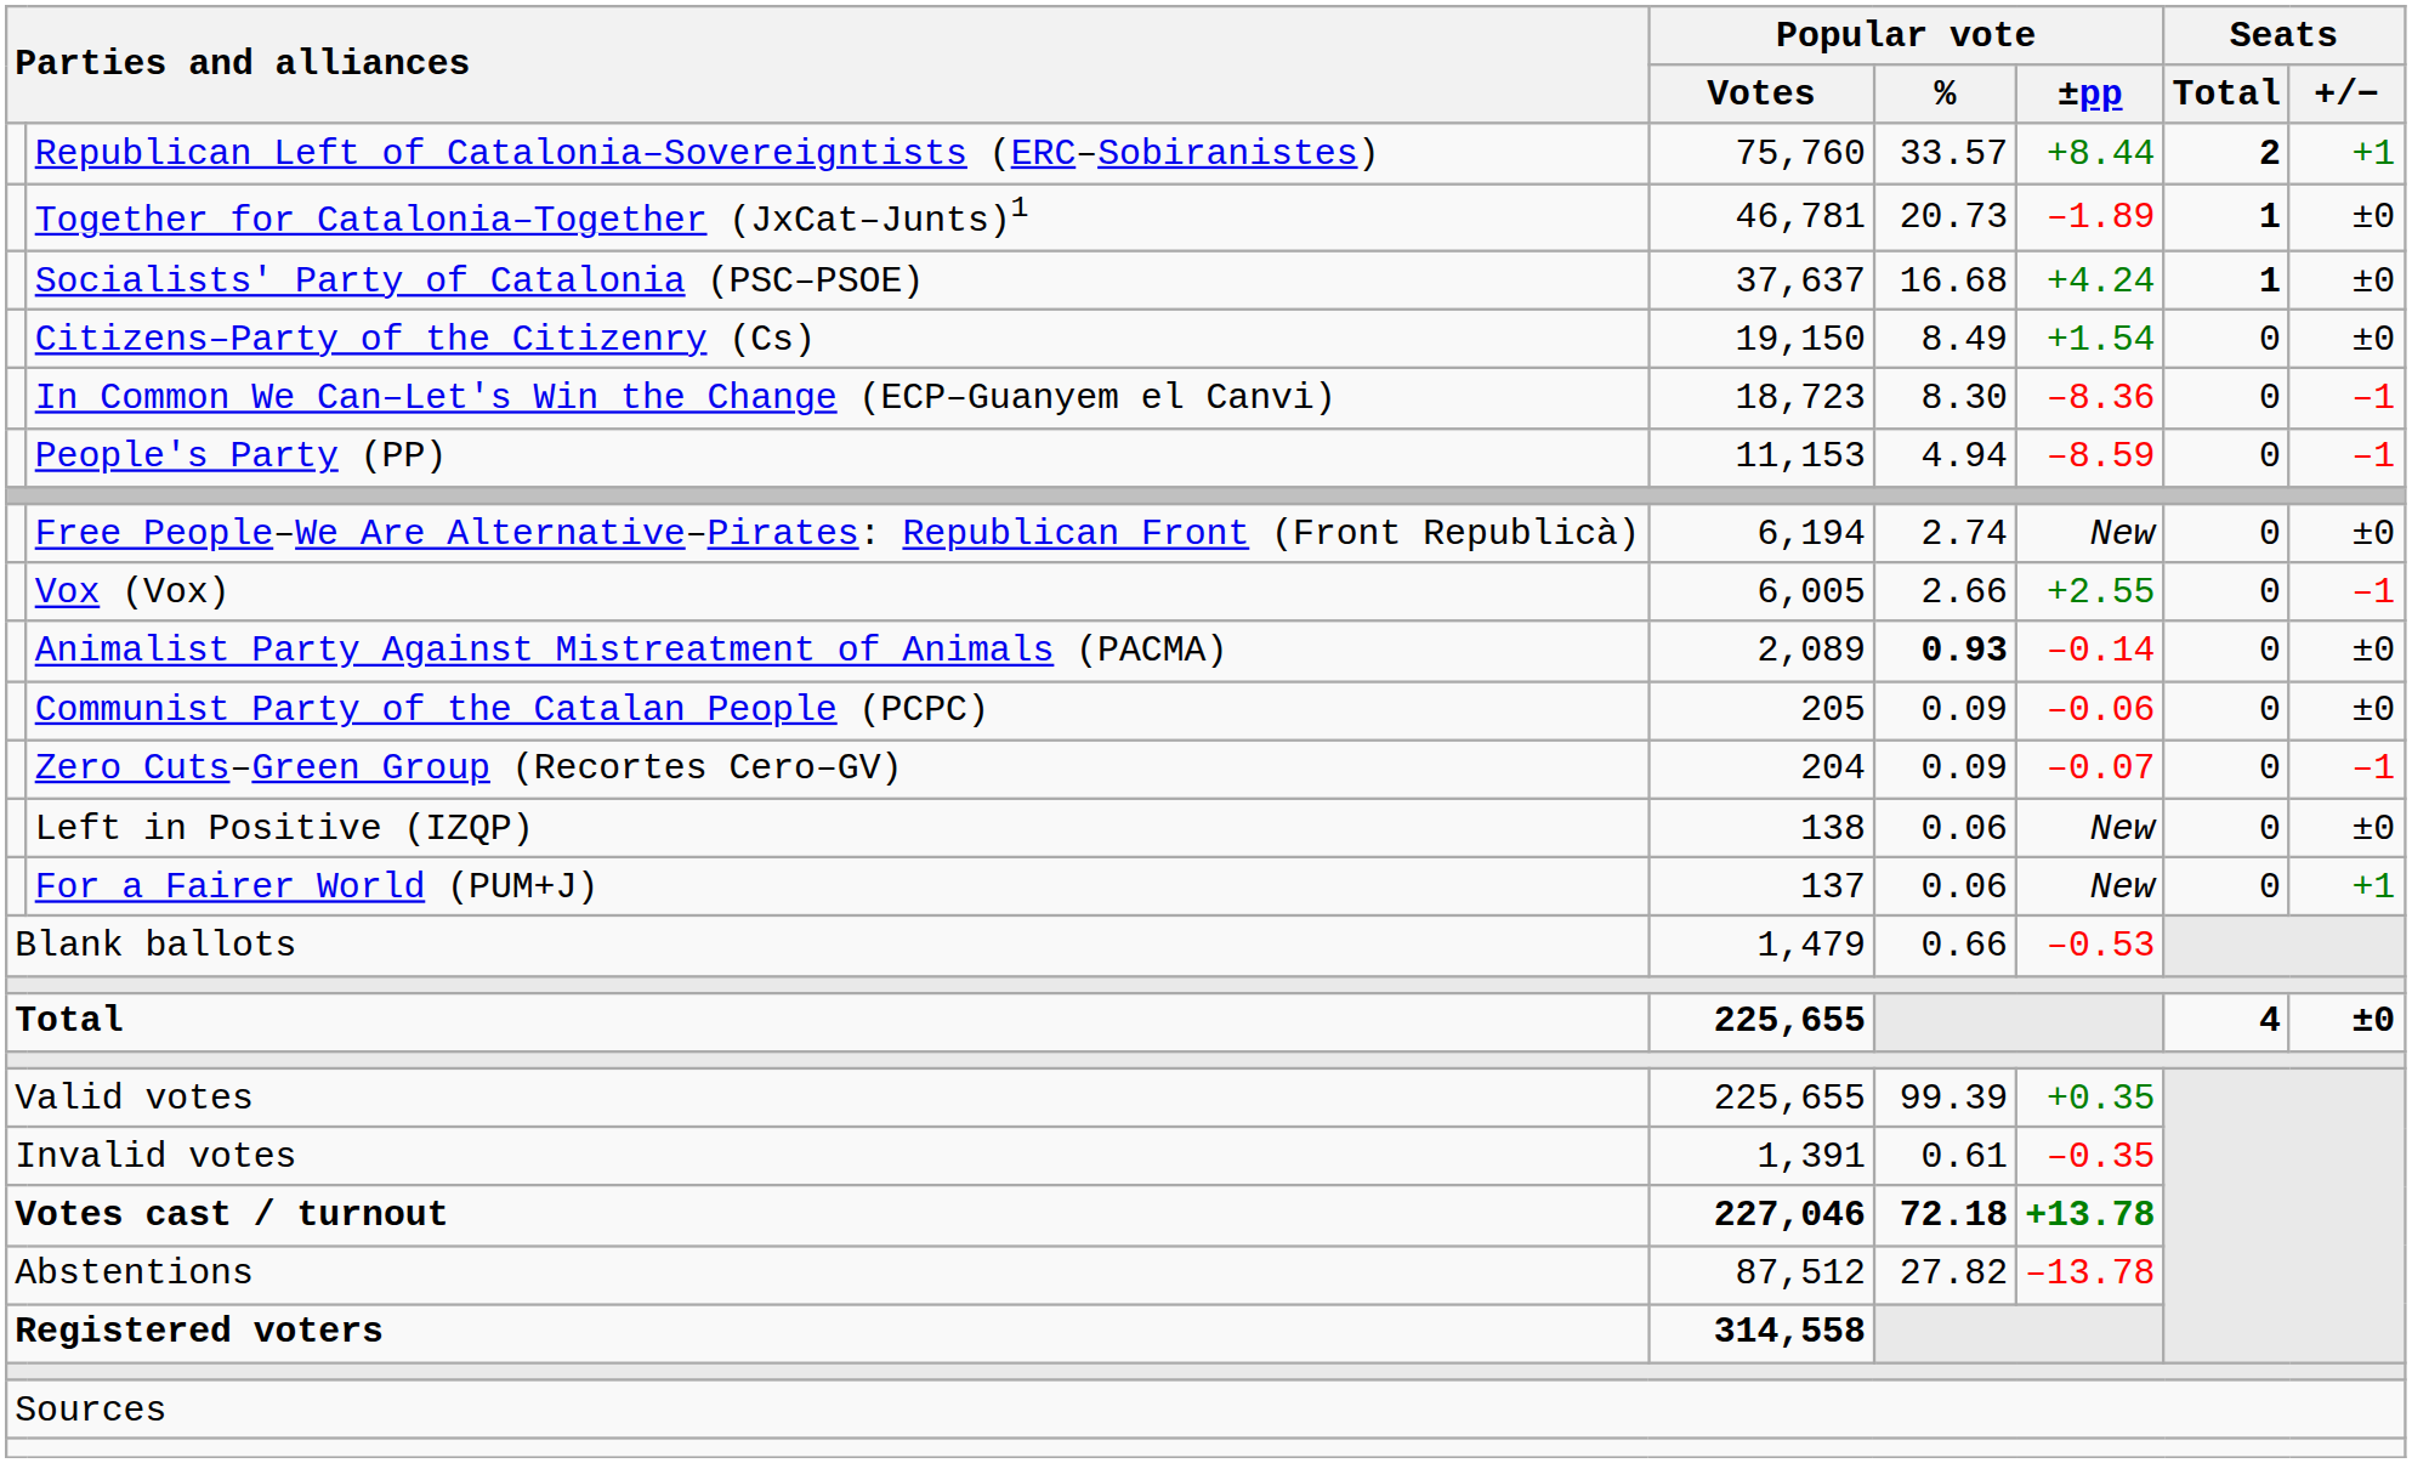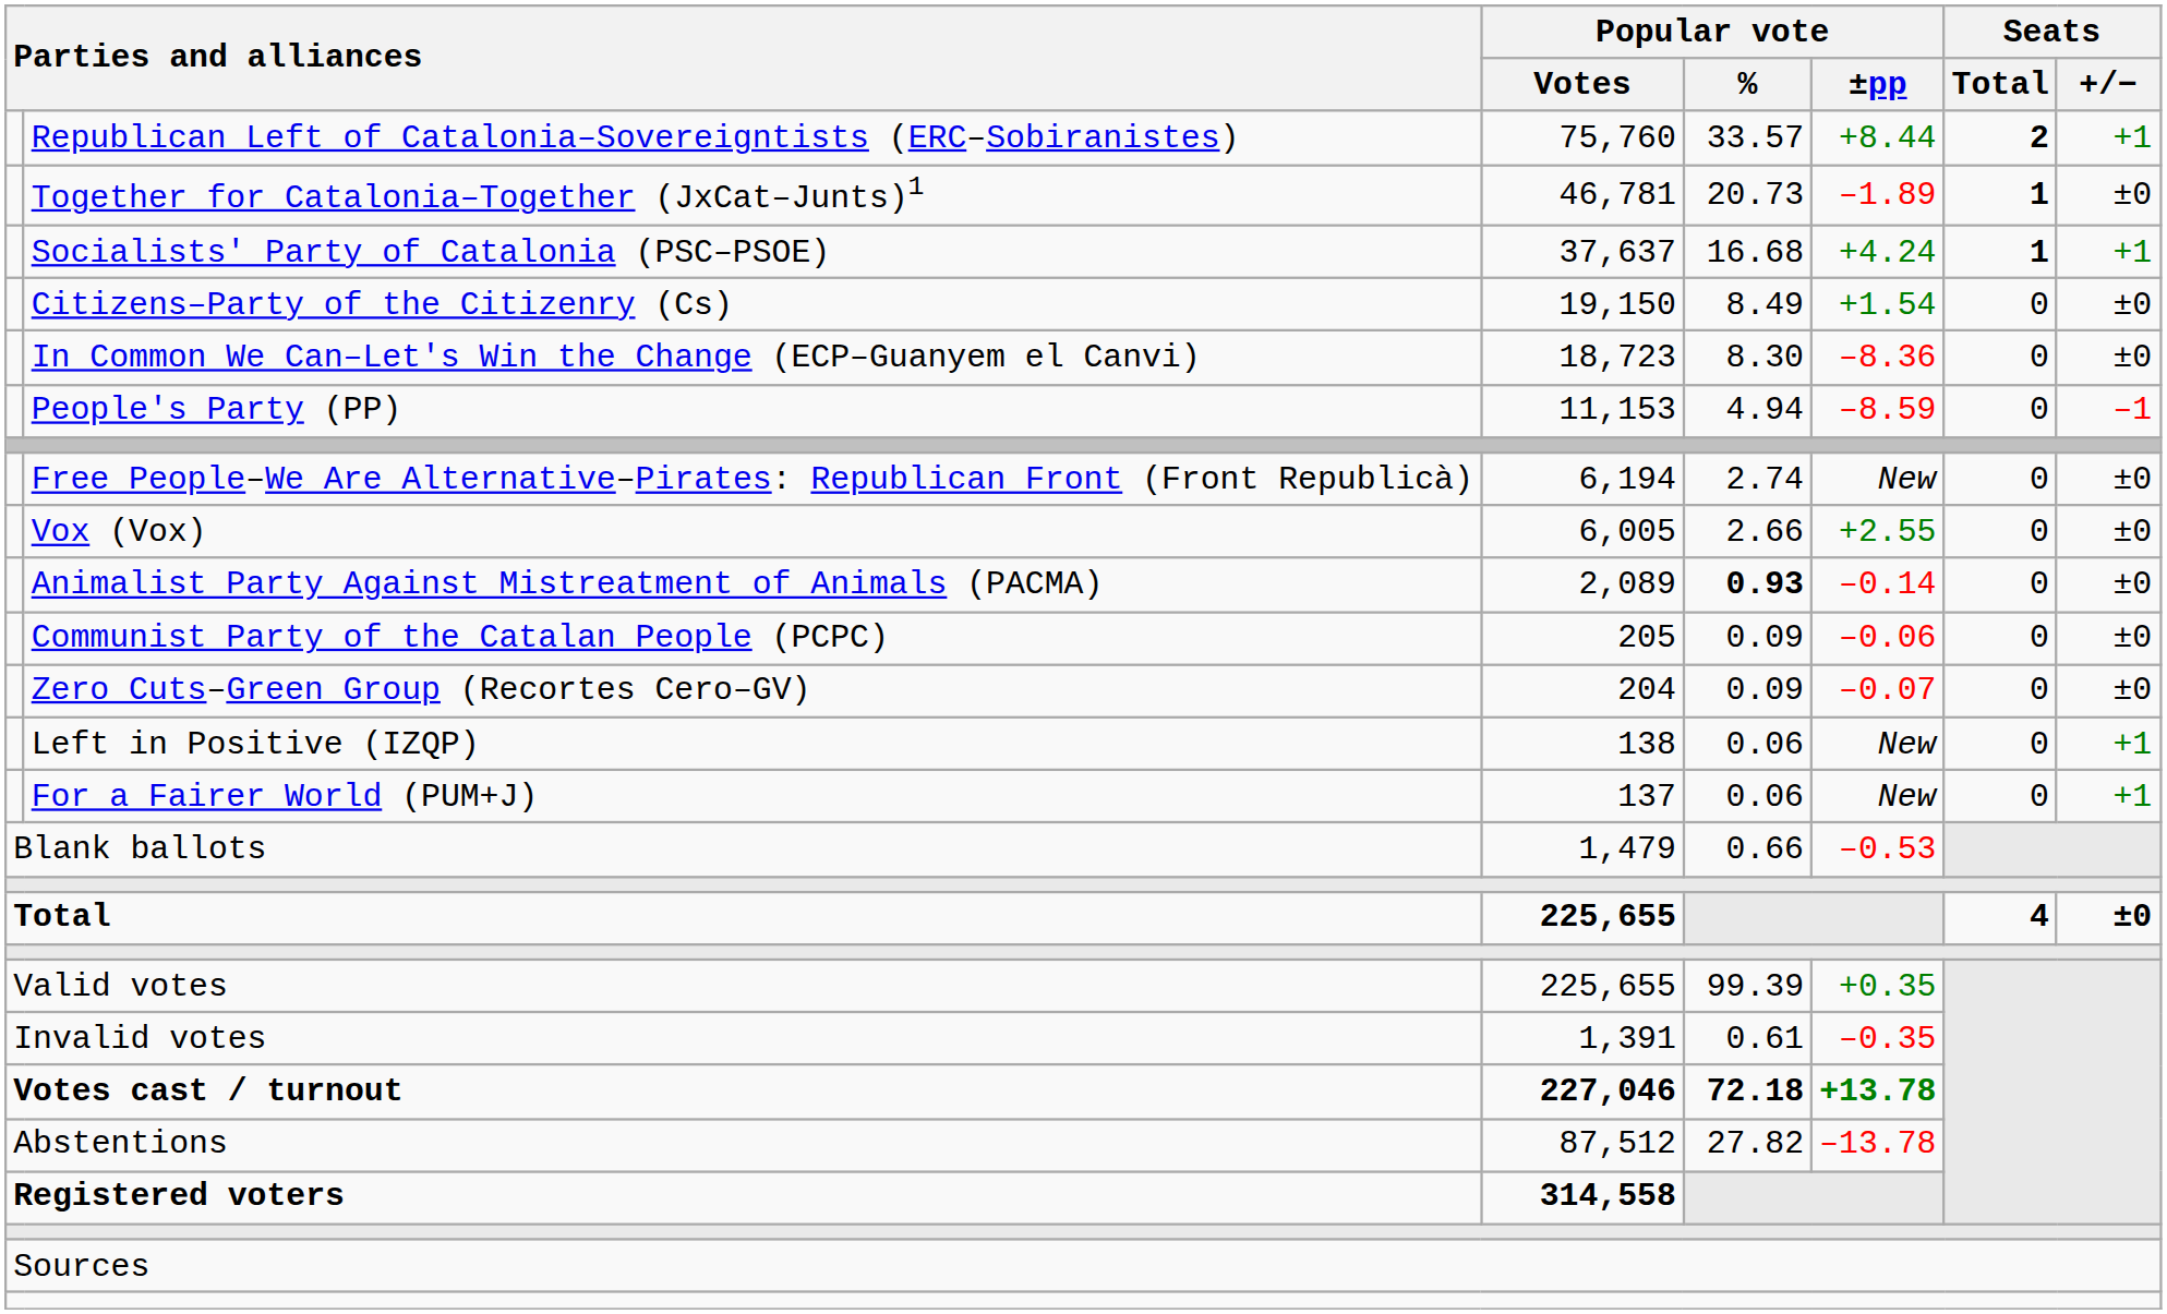 <table class="wikitable" style="text-align:right;">
 <tr>
 <th style="text-align:left;" rowspan="2" colspan="2" width="525">Parties and alliances</th>
 <th colspan="3">Popular vote</th>
 <th colspan="2">Seats</th>
 </tr>
 <tr>
 <th width="75">Votes</th>
 <th width="45">%</th>
 <th width="45">±<a href='#'>pp</a></th>
 <th width="35">Total</th>
 <th width="35">+/−</th>
 </tr>
 <tr>
 <td width="1" style="color:inherit;background:"></td>
 <td align="left"><a href='#'>Republican Left of Catalonia–Sovereigntists</a> (<a href='#'>ERC</a>–<a href='#'>Sobiranistes</a>)</td>
 <td>75,760</td>
 <td>33.57</td>
 <td style="color:green;">+8.44</td>
 <td><strong>2</strong></td>
 <td style="color:green;">+1</td>
 </tr>
 <tr>
 <td style="color:inherit;background:"></td>
 <td align="left"><a href='#'>Together for Catalonia–Together</a> (JxCat–Junts)<sup>1</sup></td>
 <td>46,781</td>
 <td>20.73</td>
 <td style="color:red;">–1.89</td>
 <td><strong>1</strong></td>
 <td>±0</td>
 </tr>
 <tr>
 <td style="color:inherit;background:"></td>
 <td align="left"><a href='#'>Socialists' Party of Catalonia</a> (PSC–PSOE)</td>
 <td>37,637</td>
 <td>16.68</td>
 <td style="color:green;">+4.24</td>
 <td><strong>1</strong></td>
-<td>±0</td>
+<td style="color:green;">+1</td>
 </tr>
 <tr>
 <td style="color:inherit;background:"></td>
 <td align="left"><a href='#'>Citizens–Party of the Citizenry</a> (Cs)</td>
 <td>19,150</td>
 <td>8.49</td>
 <td style="color:green;">+1.54</td>
 <td>0</td>
 <td>±0</td>
 </tr>
 <tr>
 <td style="color:inherit;background:"></td>
 <td align="left"><a href='#'>In Common We Can–Let's Win the Change</a> (ECP–Guanyem el Canvi)</td>
 <td>18,723</td>
 <td>8.30</td>
 <td style="color:red;">–8.36</td>
 <td>0</td>
-<td style="color:red;">–1</td>
+<td>±0</td>
 </tr>
 <tr>
 <td style="color:inherit;background:"></td>
 <td align="left"><a href='#'>People's Party</a> (PP)</td>
 <td>11,153</td>
 <td>4.94</td>
 <td style="color:red;">–8.59</td>
 <td>0</td>
 <td style="color:red;">–1</td>
 </tr>
 <tr>
 <td colspan="7" bgcolor="#C0C0C0"></td>
 </tr>
 <tr>
 <td style="color:inherit;background:"></td>
 <td align="left"><a href='#'>Free People</a>–<a href='#'>We Are Alternative</a>–<a href='#'>Pirates</a>: <a href='#'>Republican Front</a> (Front Republicà)</td>
 <td>6,194</td>
 <td>2.74</td>
 <td><em>New</em></td>
 <td>0</td>
 <td>±0</td>
 </tr>
 <tr>
 <td style="color:inherit;background:"></td>
 <td align="left"><a href='#'>Vox</a> (Vox)</td>
 <td>6,005</td>
 <td>2.66</td>
 <td style="color:green;">+2.55</td>
 <td>0</td>
-<td style="color:red;">–1</td>
+<td>±0</td>
 </tr>
 <tr>
 <td style="color:inherit;background:"></td>
 <td align="left"><a href='#'>Animalist Party Against Mistreatment of Animals</a> (PACMA)</td>
 <td>2,089</td>
 <td><strong>0.93</strong></td>
 <td style="color:red;">–0.14</td>
 <td>0</td>
 <td>±0</td>
 </tr>
 <tr>
 <td style="color:inherit;background:"></td>
 <td align="left"><a href='#'>Communist Party of the Catalan People</a> (PCPC)</td>
 <td>205</td>
 <td>0.09</td>
 <td style="color:red;">–0.06</td>
 <td>0</td>
 <td>±0</td>
 </tr>
 <tr>
 <td style="color:inherit;background:"></td>
 <td align="left"><a href='#'>Zero Cuts</a>–<a href='#'>Green Group</a> (Recortes Cero–GV)</td>
 <td>204</td>
 <td>0.09</td>
 <td style="color:red;">–0.07</td>
 <td>0</td>
-<td style="color:red;">–1</td>
+<td>±0</td>
 </tr>
 <tr>
 <td style="color:inherit;background:"></td>
 <td align="left">Left in Positive (IZQP)</td>
 <td>138</td>
 <td>0.06</td>
 <td><em>New</em></td>
 <td>0</td>
-<td>±0</td>
+<td style="color:green;">+1</td>
 </tr>
 <tr>
 <td style="color:inherit;background:"></td>
 <td align="left"><a href='#'>For a Fairer World</a> (PUM+J)</td>
 <td>137</td>
 <td>0.06</td>
 <td><em>New</em></td>
 <td>0</td>
 <td style="color:green;">+1</td>
 </tr>
 <tr>
 <td align="left" colspan="2">Blank ballots</td>
 <td>1,479</td>
 <td>0.66</td>
 <td style="color:red;">–0.53</td>
 <td bgcolor="#E9E9E9" colspan="2"></td>
 </tr>
 <tr>
 <td colspan="7" bgcolor="#E9E9E9"></td>
 </tr>
 <tr style="font-weight:bold;">
 <td align="left" colspan="2">Total</td>
 <td>225,655</td>
 <td bgcolor="#E9E9E9" colspan="2"></td>
 <td>4</td>
 <td>±0</td>
 </tr>
 <tr>
 <td colspan="7" bgcolor="#E9E9E9"></td>
 </tr>
 <tr>
 <td align="left" colspan="2">Valid votes</td>
 <td>225,655</td>
 <td>99.39</td>
 <td style="color:green;">+0.35</td>
 <td bgcolor="#E9E9E9" colspan="2" rowspan="5"></td>
 </tr>
 <tr>
 <td align="left" colspan="2">Invalid votes</td>
 <td>1,391</td>
 <td>0.61</td>
 <td style="color:red;">–0.35</td>
 </tr>
 <tr style="font-weight:bold;">
 <td align="left" colspan="2">Votes cast / turnout</td>
 <td>227,046</td>
 <td>72.18</td>
 <td style="color:green;">+13.78</td>
 </tr>
 <tr>
 <td align="left" colspan="2">Abstentions</td>
 <td>87,512</td>
 <td>27.82</td>
 <td style="color:red;">–13.78</td>
 </tr>
 <tr style="font-weight:bold;">
 <td align="left" colspan="2">Registered voters</td>
 <td>314,558</td>
 <td bgcolor="#E9E9E9" colspan="2"></td>
 </tr>
 <tr>
 <td colspan="7" bgcolor="#E9E9E9"></td>
 </tr>
 <tr>
 <td align="left" colspan="7">Sources</td>
 </tr>
 <tr>
 <td colspan="7" style="text-align:left; max-width:790px;"></td>
 </tr>
 </table>
